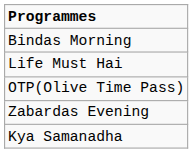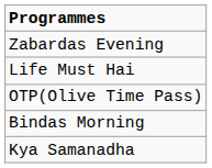 <table class="wikitable">
 <tr>
 <td colspan="1"><strong>Programmes</strong></td>
 </tr>
 <tr>
-<td>Bindas Morning</td>
+<td>Zabardas Evening</td>
 </tr>
 <tr>
 <td>Life Must Hai</td>
 </tr>
 <tr>
 <td>OTP(Olive Time Pass)</td>
 </tr>
 <tr>
-<td>Zabardas Evening</td>
+<td>Bindas Morning</td>
 </tr>
 <tr>
 <td>Kya Samanadha</td>
 </tr>
 </table>
